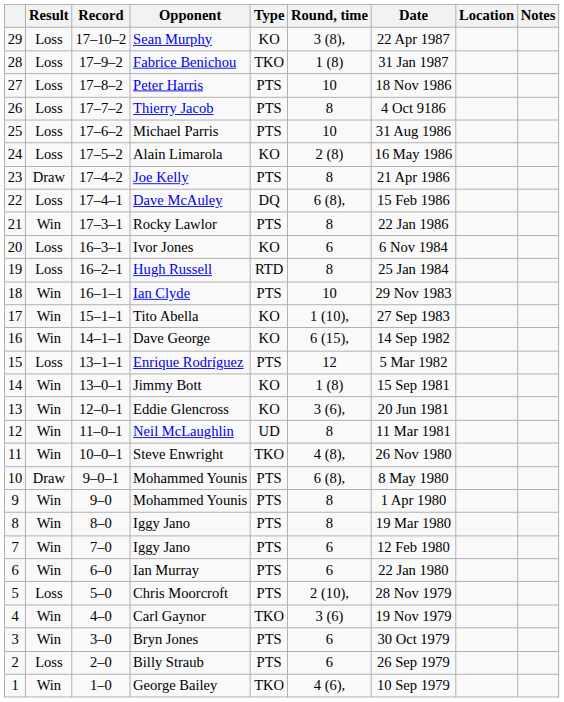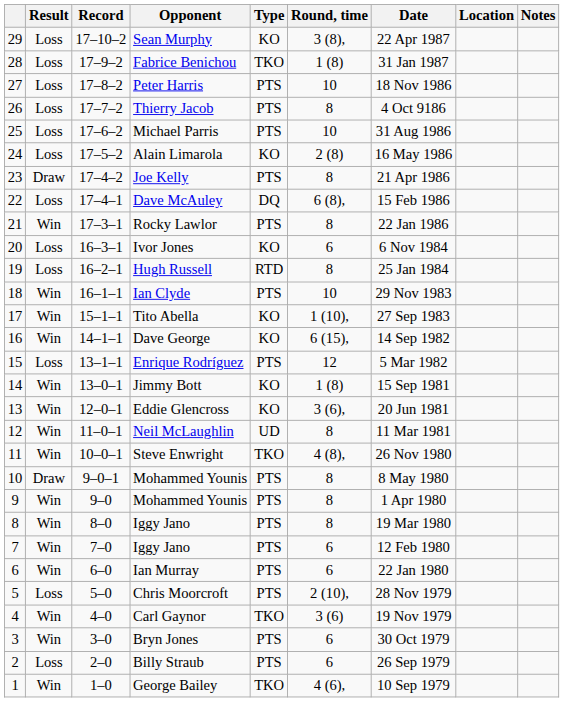 <table class="wikitable" style="text-align:center">
 <tr>
 <th></th>
 <th>Result</th>
 <th>Record</th>
 <th>Opponent</th>
 <th>Type</th>
 <th>Round, time</th>
 <th>Date</th>
 <th>Location</th>
 <th>Notes</th>
 </tr>
 <tr>
 <td>29</td>
 <td>Loss</td>
 <td>17–10–2</td>
 <td style="text-align:left;"><a href='#'>Sean Murphy</a></td>
 <td>KO</td>
 <td>3 (8), </td>
 <td>22 Apr 1987</td>
 <td style="text-align:left;"></td>
 <td></td>
 </tr>
 <tr>
 <td>28</td>
 <td>Loss</td>
 <td>17–9–2</td>
 <td style="text-align:left;"><a href='#'>Fabrice Benichou</a></td>
 <td>TKO</td>
 <td>1 (8)</td>
 <td>31 Jan 1987</td>
 <td style="text-align:left;"></td>
 <td></td>
 </tr>
 <tr>
 <td>27</td>
 <td>Loss</td>
 <td>17–8–2</td>
 <td style="text-align:left;"><a href='#'>Peter Harris</a></td>
 <td>PTS</td>
 <td>10</td>
 <td>18 Nov 1986</td>
 <td style="text-align:left;"></td>
 <td style="text-align:left;"></td>
 </tr>
 <tr>
 <td>26</td>
 <td>Loss</td>
 <td>17–7–2</td>
 <td style="text-align:left;"><a href='#'>Thierry Jacob</a></td>
 <td>PTS</td>
 <td>8</td>
 <td>4 Oct 9186</td>
 <td style="text-align:left;"></td>
 <td></td>
 </tr>
 <tr>
 <td>25</td>
 <td>Loss</td>
 <td>17–6–2</td>
 <td style="text-align:left;">Michael Parris</td>
 <td>PTS</td>
 <td>10</td>
 <td>31 Aug 1986</td>
 <td style="text-align:left;"></td>
 <td></td>
 </tr>
 <tr>
 <td>24</td>
 <td>Loss</td>
 <td>17–5–2</td>
 <td style="text-align:left;">Alain Limarola</td>
 <td>KO</td>
 <td>2 (8)</td>
 <td>16 May 1986</td>
 <td style="text-align:left;"></td>
 <td></td>
 </tr>
 <tr>
 <td>23</td>
 <td>Draw</td>
 <td>17–4–2</td>
 <td style="text-align:left;"><a href='#'>Joe Kelly</a></td>
 <td>PTS</td>
 <td>8</td>
 <td>21 Apr 1986</td>
 <td style="text-align:left;"></td>
 <td></td>
 </tr>
 <tr>
 <td>22</td>
 <td>Loss</td>
 <td>17–4–1</td>
 <td style="text-align:left;"><a href='#'>Dave McAuley</a></td>
 <td>DQ</td>
 <td>6 (8), </td>
 <td>15 Feb 1986</td>
 <td style="text-align:left;"></td>
 <td style="text-align:left;"></td>
 </tr>
 <tr>
 <td>21</td>
 <td>Win</td>
 <td>17–3–1</td>
 <td style="text-align:left;">Rocky Lawlor</td>
 <td>PTS</td>
 <td>8</td>
 <td>22 Jan 1986</td>
 <td style="text-align:left;"></td>
 <td></td>
 </tr>
 <tr>
 <td>20</td>
 <td>Loss</td>
 <td>16–3–1</td>
 <td style="text-align:left;">Ivor Jones</td>
 <td>KO</td>
 <td>6</td>
 <td>6 Nov 1984</td>
 <td style="text-align:left;"></td>
 <td></td>
 </tr>
 <tr>
 <td>19</td>
 <td>Loss</td>
 <td>16–2–1</td>
 <td style="text-align:left;"><a href='#'>Hugh Russell</a></td>
 <td>RTD</td>
 <td>8</td>
 <td>25 Jan 1984</td>
 <td style="text-align:left;"></td>
 <td style="text-align:left;"></td>
 </tr>
 <tr>
 <td>18</td>
 <td>Win</td>
 <td>16–1–1</td>
 <td style="text-align:left;"><a href='#'>Ian Clyde</a></td>
 <td>PTS</td>
 <td>10</td>
 <td>29 Nov 1983</td>
 <td style="text-align:left;"></td>
 <td></td>
 </tr>
 <tr>
 <td>17</td>
 <td>Win</td>
 <td>15–1–1</td>
 <td style="text-align:left;">Tito Abella</td>
 <td>KO</td>
 <td>1 (10), </td>
 <td>27 Sep 1983</td>
 <td style="text-align:left;"></td>
 <td></td>
 </tr>
 <tr>
 <td>16</td>
 <td>Win</td>
 <td>14–1–1</td>
 <td style="text-align:left;">Dave George</td>
 <td>KO</td>
 <td>6 (15), </td>
 <td>14 Sep 1982</td>
 <td style="text-align:left;"></td>
 <td style="text-align:left;'"></td>
 </tr>
 <tr>
 <td>15</td>
 <td>Loss</td>
 <td>13–1–1</td>
 <td style="text-align:left;"><a href='#'>Enrique Rodríguez</a></td>
 <td>PTS</td>
 <td>12</td>
 <td>5 Mar 1982</td>
 <td style="text-align:left;"></td>
 <td></td>
 </tr>
 <tr>
 <td>14</td>
 <td>Win</td>
 <td>13–0–1</td>
 <td style="text-align:left;">Jimmy Bott</td>
 <td>KO</td>
 <td>1 (8)</td>
 <td>15 Sep 1981</td>
 <td style="text-align:left;"></td>
 <td></td>
 </tr>
 <tr>
 <td>13</td>
 <td>Win</td>
 <td>12–0–1</td>
 <td style="text-align:left;">Eddie Glencross</td>
 <td>KO</td>
 <td>3 (6), </td>
 <td>20 Jun 1981</td>
 <td style="text-align:left;"></td>
 <td></td>
 </tr>
 <tr>
 <td>12</td>
 <td>Win</td>
 <td>11–0–1</td>
 <td style="text-align:left;"><a href='#'>Neil McLaughlin</a></td>
 <td>UD</td>
 <td>8</td>
 <td>11 Mar 1981</td>
 <td style="text-align:left;"></td>
 <td></td>
 </tr>
 <tr>
 <td>11</td>
 <td>Win</td>
 <td>10–0–1</td>
 <td style="text-align:left;">Steve Enwright</td>
 <td>TKO</td>
 <td>4 (8), </td>
 <td>26 Nov 1980</td>
 <td style="text-align:left;"></td>
 <td></td>
 </tr>
 <tr>
 <td>10</td>
 <td>Draw</td>
 <td>9–0–1</td>
 <td style="text-align:left;">Mohammed Younis</td>
 <td>PTS</td>
-<td>6 (8), </td>
+<td>8</td>
 <td>8 May 1980</td>
 <td style="text-align:left;"></td>
 <td></td>
 </tr>
 <tr>
 <td>9</td>
 <td>Win</td>
 <td>9–0</td>
 <td style="text-align:left;">Mohammed Younis</td>
 <td>PTS</td>
 <td>8</td>
 <td>1 Apr 1980</td>
 <td style="text-align:left;"></td>
 <td></td>
 </tr>
 <tr>
 <td>8</td>
 <td>Win</td>
 <td>8–0</td>
 <td style="text-align:left;">Iggy Jano</td>
 <td>PTS</td>
 <td>8</td>
 <td>19 Mar 1980</td>
 <td style="text-align:left;"></td>
 <td></td>
 </tr>
 <tr>
 <td>7</td>
 <td>Win</td>
 <td>7–0</td>
 <td style="text-align:left;">Iggy Jano</td>
 <td>PTS</td>
 <td>6</td>
 <td>12 Feb 1980</td>
 <td style="text-align:left;"></td>
 <td></td>
 </tr>
 <tr>
 <td>6</td>
 <td>Win</td>
 <td>6–0</td>
 <td style="text-align:left;">Ian Murray</td>
 <td>PTS</td>
 <td>6</td>
 <td>22 Jan 1980</td>
 <td style="text-align:left;"></td>
 <td></td>
 </tr>
 <tr>
 <td>5</td>
 <td>Loss</td>
 <td>5–0</td>
 <td style="text-align:left;">Chris Moorcroft</td>
 <td>PTS</td>
 <td>2 (10), </td>
 <td>28 Nov 1979</td>
 <td style="text-align:left;"></td>
 <td></td>
 </tr>
 <tr>
 <td>4</td>
 <td>Win</td>
 <td>4–0</td>
 <td style="text-align:left;">Carl Gaynor</td>
 <td>TKO</td>
 <td>3 (6)</td>
 <td>19 Nov 1979</td>
 <td style="text-align:left;"></td>
 <td></td>
 </tr>
 <tr>
 <td>3</td>
 <td>Win</td>
 <td>3–0</td>
 <td style="text-align:left;">Bryn Jones</td>
 <td>PTS</td>
 <td>6</td>
 <td>30 Oct 1979</td>
 <td style="text-align:left;"></td>
 <td></td>
 </tr>
 <tr>
 <td>2</td>
 <td>Loss</td>
 <td>2–0</td>
 <td style="text-align:left;">Billy Straub</td>
 <td>PTS</td>
 <td>6</td>
 <td>26 Sep 1979</td>
 <td style="text-align:left;"></td>
 <td></td>
 </tr>
 <tr>
 <td>1</td>
 <td>Win</td>
 <td>1–0</td>
 <td style="text-align:left;">George Bailey</td>
 <td>TKO</td>
 <td>4 (6), </td>
 <td>10 Sep 1979</td>
 <td style="text-align:left;"></td>
 <td></td>
 </tr>
 </table>
